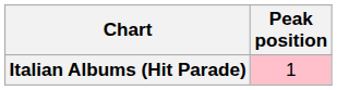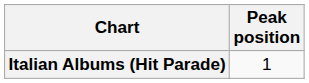 <table class="wikitable sortable plainrowheaders" style="text-align:center">
 <tr>
 <th scope="col">Chart</th>
 <th scope="col">Peak<br>position</th>
 </tr>
 <tr>
 <th scope="row">Italian Albums (Hit Parade)</th>
-<td style="background: pink;">1</td>
+<td>1</td>
 </tr>
 </table>
